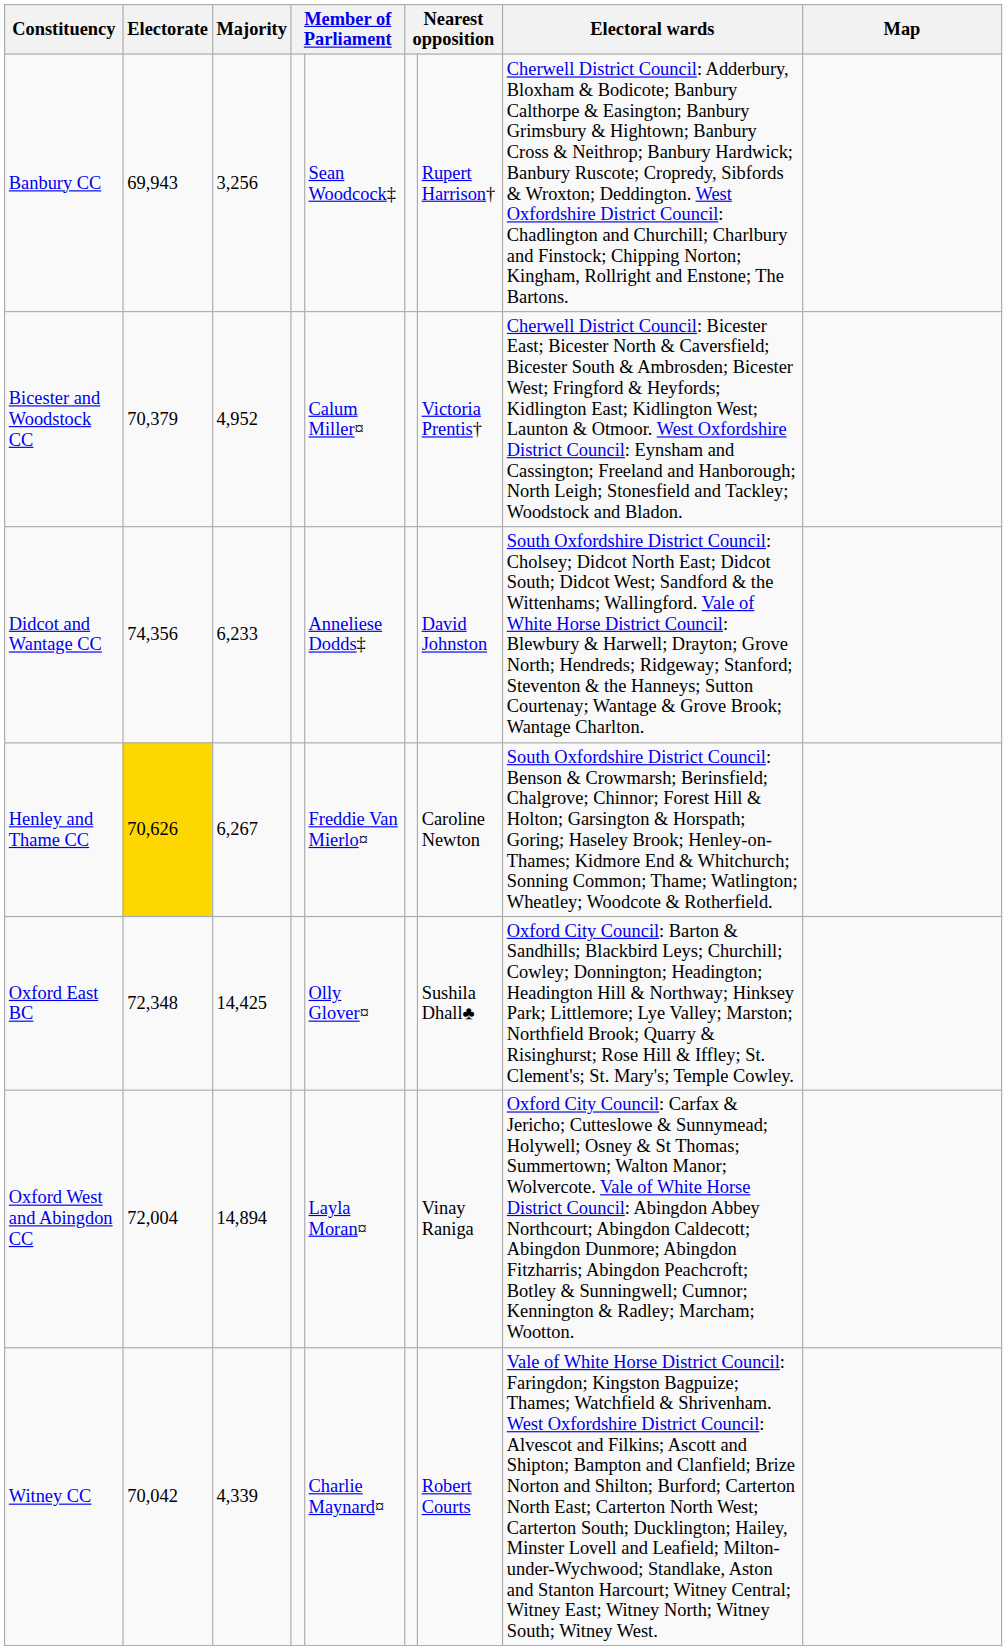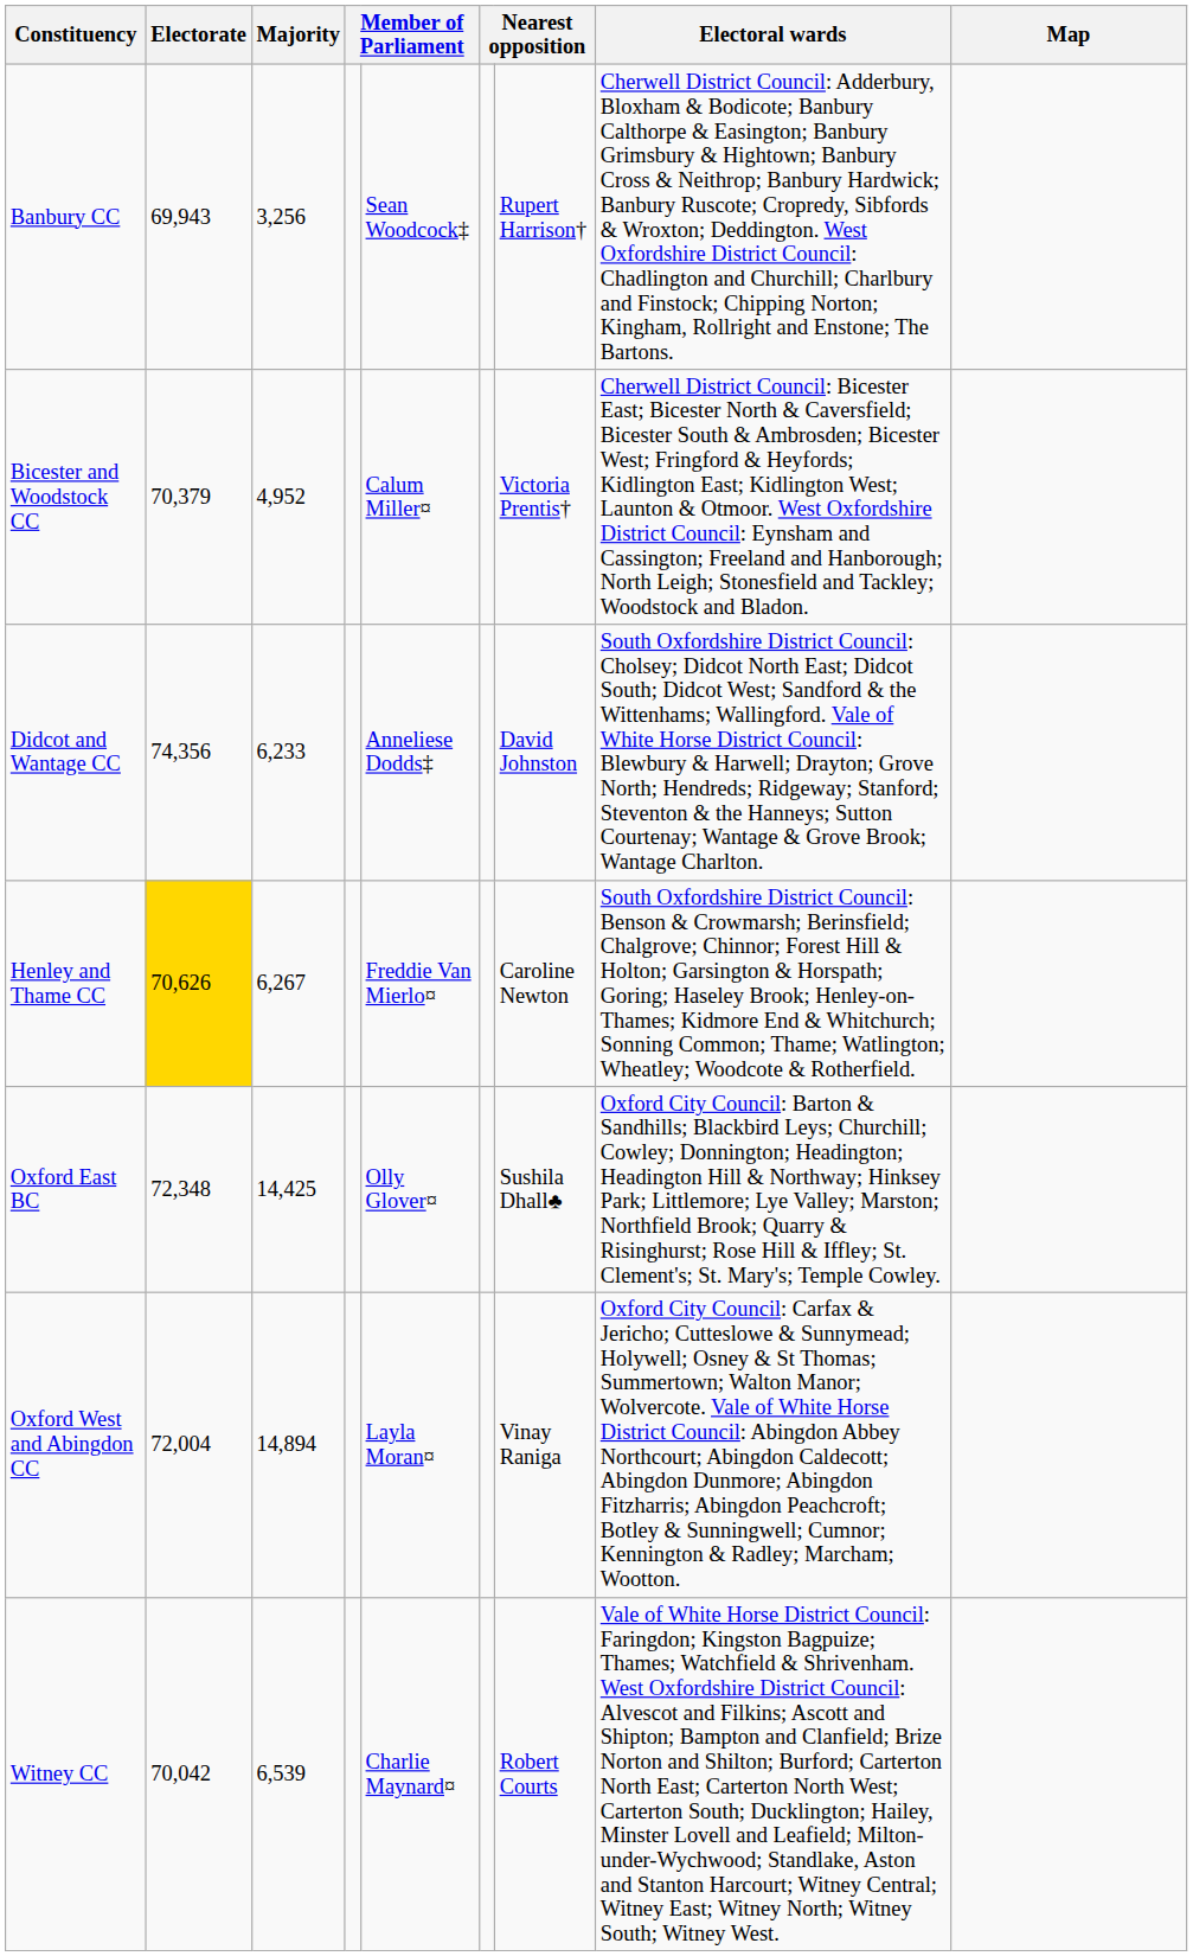 <table class="wikitable sortable">
 <tr>
 <th>Constituency</th>
 <th>Electorate</th>
 <th>Majority</th>
 <th colspan=2 class=unsortable><a href='#'>Member of Parliament</a></th>
 <th colspan=2 class=unsortable>Nearest opposition</th>
 <th class=unsortable>Electoral wards</th>
 <th class="unsortable" rowspan="1" style="width:20%;">Map</th>
 </tr>
 <tr>
 <td><a href='#'>Banbury CC</a></td>
 <td>69,943</td>
 <td>3,256</td>
 <td style="background-color: "> </td>
 <td><a href='#'>Sean Woodcock</a>‡</td>
 <td style="background-color: "> </td>
 <td><a href='#'>Rupert Harrison</a>†</td>
 <td><a href='#'>Cherwell District Council</a>: Adderbury, Bloxham & Bodicote; Banbury Calthorpe & Easington; Banbury Grimsbury & Hightown; Banbury Cross & Neithrop; Banbury Hardwick; Banbury Ruscote; Cropredy, Sibfords & Wroxton; Deddington. <a href='#'>West Oxfordshire District Council</a>: Chadlington and Churchill; Charlbury and Finstock; Chipping Norton; Kingham, Rollright and Enstone; The Bartons.</td>
 <td></td>
 </tr>
 <tr>
 <td><a href='#'>Bicester and Woodstock CC</a></td>
 <td>70,379</td>
 <td>4,952</td>
 <td style="background-color: "></td>
 <td><a href='#'>Calum Miller</a>¤</td>
 <td style="background-color: "> </td>
 <td><a href='#'>Victoria Prentis</a>†</td>
 <td><a href='#'>Cherwell District Council</a>: Bicester East; Bicester North & Caversfield; Bicester South & Ambrosden; Bicester West; Fringford & Heyfords; Kidlington East; Kidlington West; Launton & Otmoor. <a href='#'>West Oxfordshire District Council</a>: Eynsham and Cassington; Freeland and Hanborough; North Leigh; Stonesfield and Tackley; Woodstock and Bladon.</td>
 <td></td>
 </tr>
 <tr>
 <td><a href='#'>Didcot and Wantage CC</a></td>
 <td>74,356</td>
 <td>6,233</td>
 <td style="background-color: "></td>
 <td><a href='#'>Anneliese Dodds</a>‡</td>
 <td style="background-color: "> </td>
 <td><a href='#'>David Johnston</a></td>
 <td><a href='#'>South Oxfordshire District Council</a>: Cholsey; Didcot North East; Didcot South; Didcot West; Sandford & the Wittenhams; Wallingford. <a href='#'>Vale of White Horse District Council</a>: Blewbury & Harwell; Drayton; Grove North; Hendreds; Ridgeway; Stanford; Steventon & the Hanneys; Sutton Courtenay; Wantage & Grove Brook; Wantage Charlton.</td>
 <td></td>
 </tr>
 <tr>
 <td><a href='#'>Henley and Thame CC</a></td>
 <td style="background: gold;">70,626</td>
 <td>6,267</td>
 <td style="background-color: "></td>
 <td><a href='#'>Freddie Van Mierlo</a>¤</td>
 <td style="background-color: "> </td>
 <td>Caroline Newton</td>
 <td><a href='#'>South Oxfordshire District Council</a>: Benson & Crowmarsh; Berinsfield; Chalgrove; Chinnor; Forest Hill & Holton; Garsington & Horspath; Goring; Haseley Brook; Henley-on-Thames; Kidmore End & Whitchurch; Sonning Common; Thame; Watlington; Wheatley; Woodcote & Rotherfield.</td>
 <td></td>
 </tr>
 <tr>
 <td><a href='#'>Oxford East BC</a></td>
 <td>72,348</td>
 <td>14,425</td>
 <td style="background-color: "> </td>
 <td><a href='#'>Olly Glover</a>¤</td>
 <td style="background-color: "> </td>
 <td>Sushila Dhall♣</td>
 <td><a href='#'>Oxford City Council</a>: Barton & Sandhills; Blackbird Leys; Churchill; Cowley; Donnington; Headington; Headington Hill & Northway; Hinksey Park; Littlemore; Lye Valley; Marston; Northfield Brook; Quarry & Risinghurst; Rose Hill & Iffley; St. Clement's; St. Mary's; Temple Cowley.</td>
 <td></td>
 </tr>
 <tr>
 <td><a href='#'>Oxford West and Abingdon CC</a></td>
 <td>72,004</td>
 <td>14,894</td>
 <td style="background-color: "></td>
 <td><a href='#'>Layla Moran</a>¤</td>
 <td style="background-color: "> </td>
 <td>Vinay Raniga</td>
 <td><a href='#'>Oxford City Council</a>: Carfax & Jericho; Cutteslowe & Sunnymead; Holywell; Osney & St Thomas; Summertown; Walton Manor; Wolvercote. <a href='#'>Vale of White Horse District Council</a>: Abingdon Abbey Northcourt; Abingdon Caldecott; Abingdon Dunmore; Abingdon Fitzharris; Abingdon Peachcroft; Botley & Sunningwell; Cumnor; Kennington & Radley; Marcham; Wootton.</td>
 <td></td>
 </tr>
 <tr>
 <td><a href='#'>Witney CC</a></td>
 <td>70,042</td>
-<td>4,339</td>
+<td>6,539</td>
 <td style="background-color: "></td>
 <td><a href='#'>Charlie Maynard</a>¤</td>
 <td style="background-color: "> </td>
 <td><a href='#'>Robert Courts</a></td>
 <td><a href='#'>Vale of White Horse District Council</a>: Faringdon; Kingston Bagpuize; Thames; Watchfield & Shrivenham. <a href='#'>West Oxfordshire District Council</a>: Alvescot and Filkins; Ascott and Shipton; Bampton and Clanfield; Brize Norton and Shilton; Burford; Carterton North East; Carterton North West; Carterton South; Ducklington; Hailey, Minster Lovell and Leafield; Milton-under-Wychwood; Standlake, Aston and Stanton Harcourt; Witney Central; Witney East; Witney North; Witney South; Witney West.</td>
 <td></td>
 </tr>
 </table>
